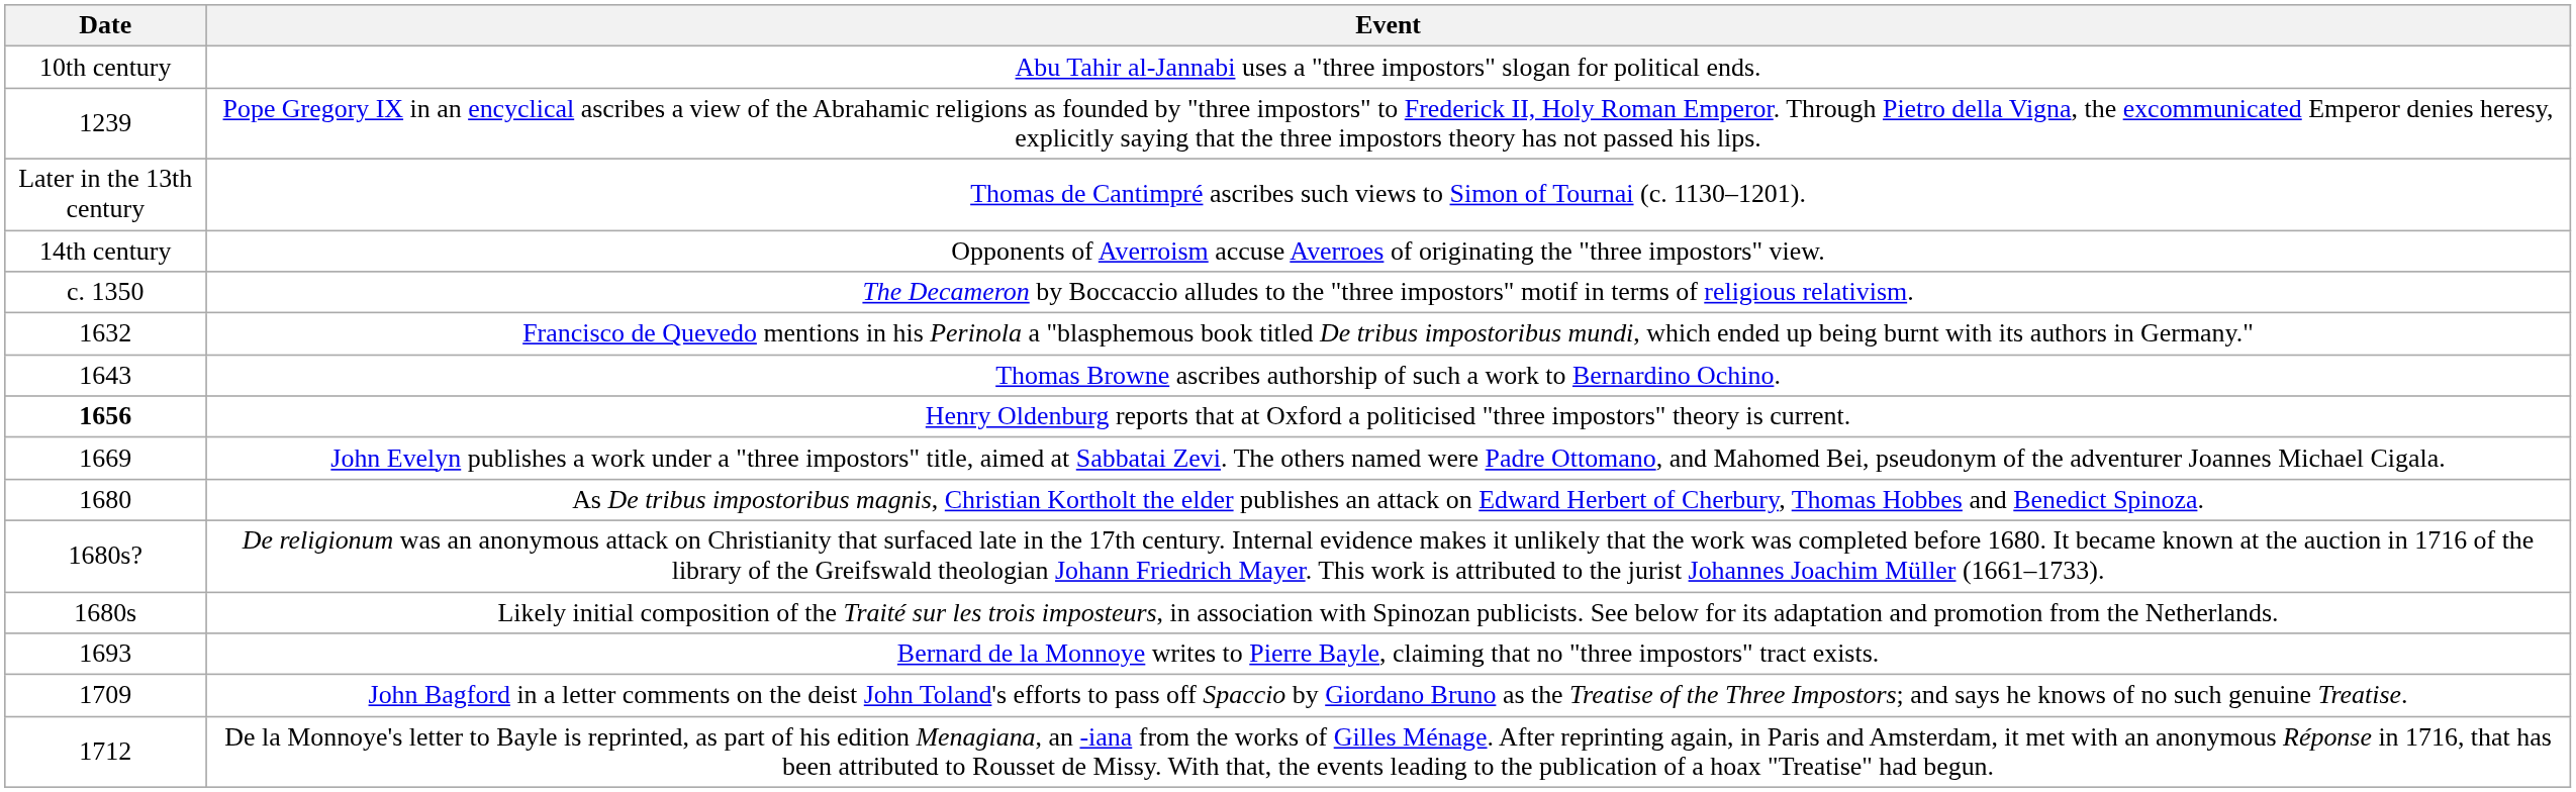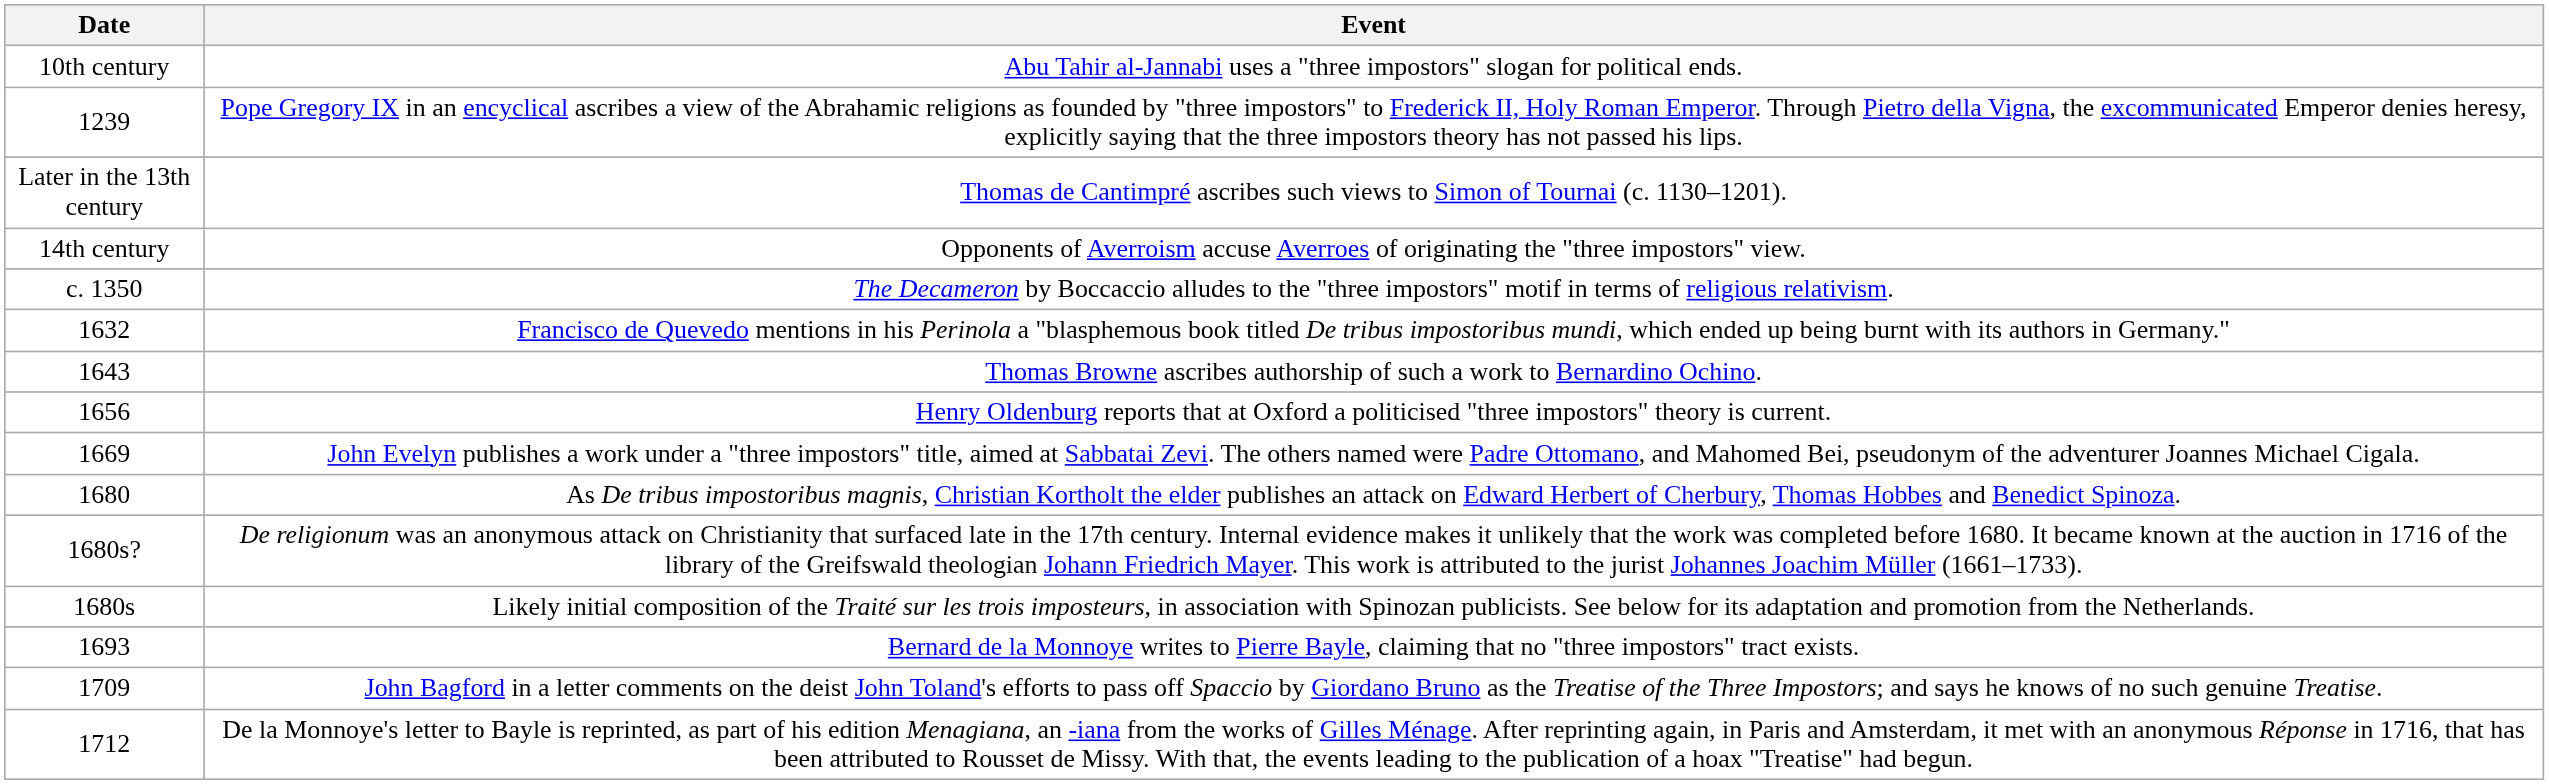 <table class="wikitable" style="text-align: center;border:none;background:transparent;">
 <tr>
 <th>Date</th>
 <th>Event</th>
 </tr>
 <tr>
 <td>10th century</td>
 <td><a href='#'>Abu Tahir al-Jannabi</a> uses a "three impostors" slogan for political ends.</td>
 </tr>
 <tr>
 <td>1239</td>
 <td><a href='#'>Pope Gregory IX</a> in an <a href='#'>encyclical</a> ascribes a view of the Abrahamic religions as founded by "three impostors" to <a href='#'>Frederick II, Holy Roman Emperor</a>. Through <a href='#'>Pietro della Vigna</a>, the <a href='#'>excommunicated</a> Emperor denies heresy, explicitly saying that the three impostors theory has not passed his lips.</td>
 </tr>
 <tr>
 <td>Later in the 13th century</td>
 <td><a href='#'>Thomas de Cantimpré</a> ascribes such views to <a href='#'>Simon of Tournai</a> (c. 1130–1201).</td>
 </tr>
 <tr>
 <td>14th century</td>
 <td>Opponents of <a href='#'>Averroism</a> accuse <a href='#'>Averroes</a> of originating the "three impostors" view.</td>
 </tr>
 <tr>
 <td>c. 1350</td>
 <td><em><a href='#'>The Decameron</a></em> by Boccaccio alludes to the "three impostors" motif in terms of <a href='#'>religious relativism</a>.</td>
 </tr>
 <tr>
 <td>1632</td>
 <td><a href='#'>Francisco de Quevedo</a> mentions in his <em>Perinola</em> a "blasphemous book titled <em>De tribus impostoribus mundi</em>, which ended up being burnt with its authors in Germany."</td>
 </tr>
 <tr>
 <td>1643</td>
 <td><a href='#'>Thomas Browne</a> ascribes authorship of such a work to <a href='#'>Bernardino Ochino</a>.</td>
 </tr>
 <tr>
-<td><strong>1656</strong></td>
+<td>1656</td>
 <td><a href='#'>Henry Oldenburg</a> reports that at Oxford a politicised "three impostors" theory is current.</td>
 </tr>
 <tr>
 <td>1669</td>
 <td><a href='#'>John Evelyn</a> publishes a work under a "three impostors" title, aimed at <a href='#'>Sabbatai Zevi</a>. The others named were <a href='#'>Padre Ottomano</a>, and Mahomed Bei, pseudonym of the adventurer Joannes Michael Cigala.</td>
 </tr>
 <tr>
 <td>1680</td>
 <td>As <em>De tribus impostoribus magnis</em>, <a href='#'>Christian Kortholt the elder</a> publishes an attack on <a href='#'>Edward Herbert of Cherbury</a>, <a href='#'>Thomas Hobbes</a> and <a href='#'>Benedict Spinoza</a>.</td>
 </tr>
 <tr>
 <td>1680s?</td>
 <td><em>De  religionum</em> was an anonymous attack on Christianity that surfaced late in the 17th century. Internal evidence makes it unlikely that the work was completed before 1680. It became known at the auction in 1716 of the library of the Greifswald theologian <a href='#'>Johann Friedrich Mayer</a>. This work is attributed to the jurist <a href='#'>Johannes Joachim Müller</a> (1661–1733).</td>
 </tr>
 <tr>
 <td>1680s</td>
 <td>Likely initial composition of the <em>Traité sur les trois imposteurs</em>, in association with Spinozan publicists. See below for its adaptation and promotion from the Netherlands.</td>
 </tr>
 <tr>
 <td>1693</td>
 <td><a href='#'>Bernard de la Monnoye</a> writes to <a href='#'>Pierre Bayle</a>, claiming that no "three impostors" tract exists.</td>
 </tr>
 <tr>
 <td>1709</td>
 <td><a href='#'>John Bagford</a> in a letter comments on the deist <a href='#'>John Toland</a>'s efforts to pass off <em>Spaccio</em> by <a href='#'>Giordano Bruno</a> as the <em>Treatise of the Three Impostors</em>; and says he knows of no such genuine <em>Treatise</em>.</td>
 </tr>
 <tr>
 <td>1712</td>
 <td>De la Monnoye's letter to Bayle is reprinted, as part of his edition <em>Menagiana</em>, an <a href='#'>-iana</a> from the works of <a href='#'>Gilles Ménage</a>. After reprinting again, in Paris and Amsterdam, it met with an anonymous <em>Réponse</em> in 1716, that has been attributed to Rousset de Missy. With that, the events leading to the publication of a hoax "Treatise" had begun.</td>
 </tr>
 </table>
